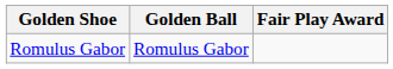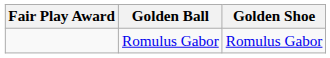 <table class=wikitable style="text-align:center; margin:auto">
 <tr>
+<th>Fair Play Award</th>
+<th>Golden Ball</th>
 <th>Golden Shoe</th>
-<th>Golden Ball</th>
-<th>Fair Play Award</th>
 </tr>
 <tr>
+<td></td>
 <td> <a href='#'>Romulus Gabor</a></td>
 <td> <a href='#'>Romulus Gabor</a></td>
-<td></td>
 </tr>
 </table>
